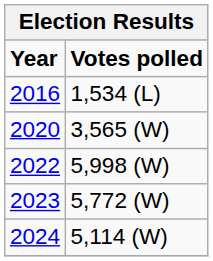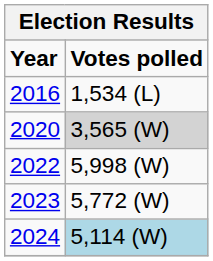 <table class="wikitable" id="toc" : left; margin-left: 2em; width: 40%; font-size: 90%;"cellspacing="3">
 <tr>
 <th colspan="4"><strong>Election Results</strong></th>
 </tr>
 <tr>
 <td><strong>Year</strong></td>
 <td><strong>Votes polled</strong></td>
 </tr>
 <tr>
 <td><a href='#'>2016</a></td>
 <td>1,534 (L)</td>
 </tr>
 <tr>
 <td><a href='#'>2020</a></td>
-<td>3,565 (W)</td>
+<td style="background: lightgrey;">3,565 (W)</td>
 </tr>
 <tr>
 <td><a href='#'>2022</a></td>
 <td>5,998 (W)</td>
 </tr>
 <tr>
 <td><a href='#'>2023</a></td>
 <td>5,772 (W)</td>
 </tr>
 <tr>
 <td><a href='#'>2024</a></td>
-<td>5,114 (W)</td>
+<td style="background: lightblue;">5,114 (W)</td>
 </tr>
 <tr>
 </tr>
 </table>
